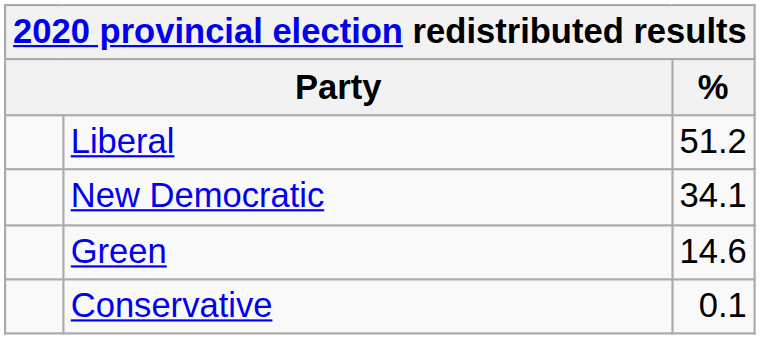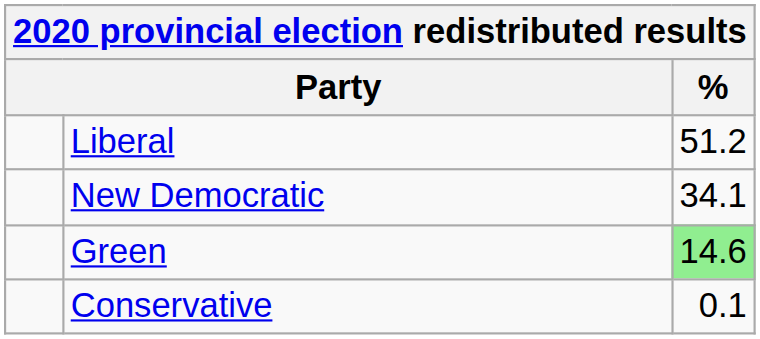 <table class="wikitable">
 <tr>
 <th colspan="4"><a href='#'>2020 provincial election</a> redistributed results</th>
 </tr>
 <tr>
 <th bgcolor="#DDDDFF" width="130px" colspan="2">Party</th>
 <th bgcolor="#DDDDFF" width="30px">%</th>
 </tr>
 <tr>
 <td> </td>
 <td><a href='#'>Liberal</a></td>
 <td align=right>51.2</td>
 </tr>
 <tr>
 <td> </td>
 <td><a href='#'>New Democratic</a></td>
 <td align=right>34.1</td>
 </tr>
 <tr>
 <td> </td>
 <td><a href='#'>Green</a></td>
-<td align=right>14.6</td>
+<td align=right style="background: lightgreen;">14.6</td>
 </tr>
 <tr>
 <td> </td>
 <td><a href='#'>Conservative</a></td>
 <td align=right>0.1</td>
 </tr>
 </table>
